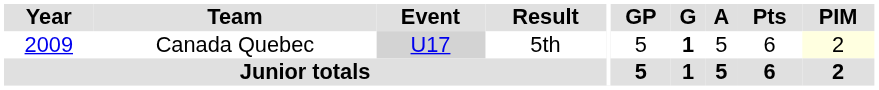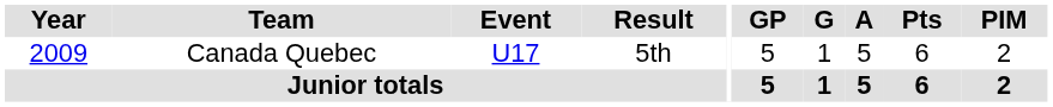 <table border="0" cellpadding="1" cellspacing="0" ID="Table3" style="text-align:center; width:40em">
 <tr bgcolor="#e0e0e0">
 <th>Year</th>
 <th>Team</th>
 <th>Event</th>
 <th>Result</th>
 <th rowspan="99" bgcolor="#ffffff"></th>
 <th>GP</th>
 <th>G</th>
 <th>A</th>
 <th>Pts</th>
 <th>PIM</th>
 </tr>
 <tr>
 <td><a href='#'>2009</a></td>
 <td>Canada Quebec</td>
-<td style="background: lightgrey;"><a href='#'>U17</a></td>
+<td><a href='#'>U17</a></td>
 <td>5th</td>
 <td>5</td>
-<td><strong>1</strong></td>
+<td>1</td>
 <td>5</td>
 <td>6</td>
-<td style="background: lightyellow;">2</td>
+<td>2</td>
 </tr>
 <tr bgcolor="#e0e0e0">
 <th colspan="4">Junior totals</th>
 <th>5</th>
 <th>1</th>
 <th>5</th>
 <th>6</th>
 <th>2</th>
 </tr>
 </table>
